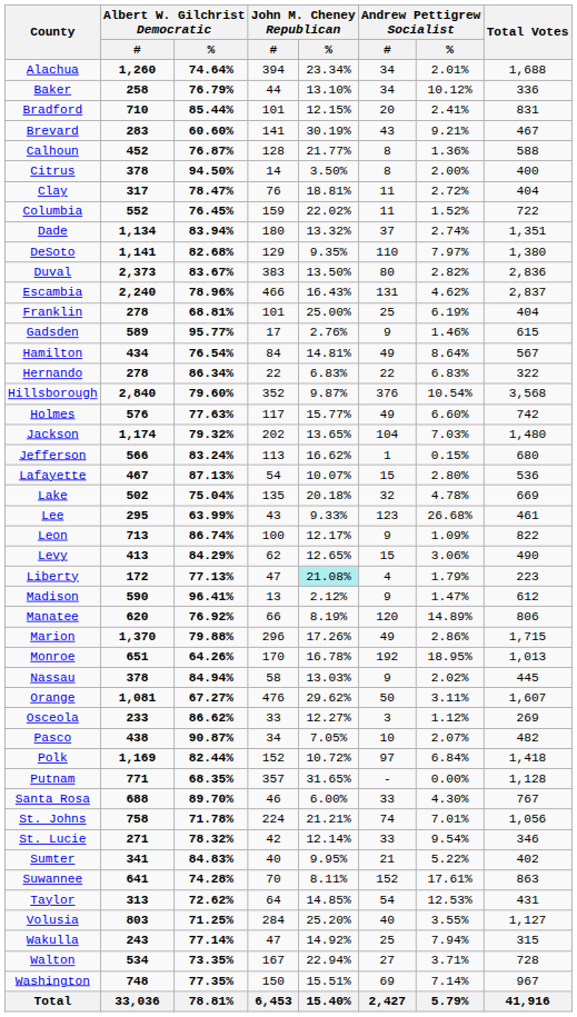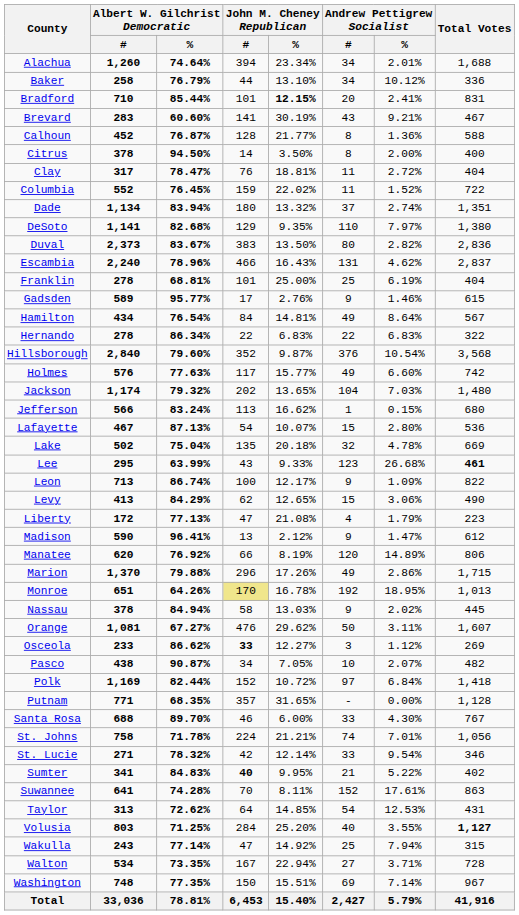 <table class="wikitable sortable">
 <tr>
 <th rowspan="2">County</th>
 <th colspan="2" style="text-align: center;" >Albert W. Gilchrist <br><em>Democratic</em></th>
 <th colspan="2" style="text-align: center;" >John M. Cheney <br> <em>Republican</em></th>
 <th colspan="2" style="text-align: center;" >Andrew Pettigrew <br> <em>Socialist</em></th>
 <th rowspan="2">Total Votes</th>
 </tr>
 <tr>
 <th colspan="1" style="text-align: center;" >#</th>
 <th colspan="1" style="text-align: center;" >%</th>
 <th colspan="1" style="text-align: center;" >#</th>
 <th colspan="1" style="text-align: center;" >%</th>
 <th colspan="1" style="text-align: center;" >#</th>
 <th colspan="1" style="text-align: center;" >%</th>
 </tr>
 <tr style="text-align:center;">
 <td><a href='#'>Alachua</a></td>
 <td><strong>1,260</strong></td>
 <td><strong>74.64%</strong></td>
 <td>394</td>
 <td>23.34%</td>
 <td>34</td>
 <td>2.01%</td>
 <td>1,688</td>
 </tr>
 <tr style="text-align:center;">
 <td><a href='#'>Baker</a></td>
 <td><strong>258</strong></td>
 <td><strong>76.79%</strong></td>
 <td>44</td>
 <td>13.10%</td>
 <td>34</td>
 <td>10.12%</td>
 <td>336</td>
 </tr>
 <tr style="text-align:center;">
 <td><a href='#'>Bradford</a></td>
 <td><strong>710</strong></td>
 <td><strong>85.44%</strong></td>
 <td>101</td>
-<td>12.15%</td>
+<td><strong>12.15%</strong></td>
 <td>20</td>
 <td>2.41%</td>
 <td>831</td>
 </tr>
 <tr style="text-align:center;">
 <td><a href='#'>Brevard</a></td>
 <td><strong>283</strong></td>
 <td><strong>60.60%</strong></td>
 <td>141</td>
 <td>30.19%</td>
 <td>43</td>
 <td>9.21%</td>
 <td>467</td>
 </tr>
 <tr style="text-align:center;">
 <td><a href='#'>Calhoun</a></td>
 <td><strong>452</strong></td>
 <td><strong>76.87%</strong></td>
 <td>128</td>
 <td>21.77%</td>
 <td>8</td>
 <td>1.36%</td>
 <td>588</td>
 </tr>
 <tr style="text-align:center;">
 <td><a href='#'>Citrus</a></td>
 <td><strong>378</strong></td>
 <td><strong>94.50%</strong></td>
 <td>14</td>
 <td>3.50%</td>
 <td>8</td>
 <td>2.00%</td>
 <td>400</td>
 </tr>
 <tr style="text-align:center;">
 <td><a href='#'>Clay</a></td>
 <td><strong>317</strong></td>
 <td><strong>78.47%</strong></td>
 <td>76</td>
 <td>18.81%</td>
 <td>11</td>
 <td>2.72%</td>
 <td>404</td>
 </tr>
 <tr style="text-align:center;">
 <td><a href='#'>Columbia</a></td>
 <td><strong>552</strong></td>
 <td><strong>76.45%</strong></td>
 <td>159</td>
 <td>22.02%</td>
 <td>11</td>
 <td>1.52%</td>
 <td>722</td>
 </tr>
 <tr style="text-align:center;">
 <td><a href='#'>Dade</a></td>
 <td><strong>1,134</strong></td>
 <td><strong>83.94%</strong></td>
 <td>180</td>
 <td>13.32%</td>
 <td>37</td>
 <td>2.74%</td>
 <td>1,351</td>
 </tr>
 <tr style="text-align:center;">
 <td><a href='#'>DeSoto</a></td>
 <td><strong>1,141</strong></td>
 <td><strong>82.68%</strong></td>
 <td>129</td>
 <td>9.35%</td>
 <td>110</td>
 <td>7.97%</td>
 <td>1,380</td>
 </tr>
 <tr style="text-align:center;">
 <td><a href='#'>Duval</a></td>
 <td><strong>2,373</strong></td>
 <td><strong>83.67%</strong></td>
 <td>383</td>
 <td>13.50%</td>
 <td>80</td>
 <td>2.82%</td>
 <td>2,836</td>
 </tr>
 <tr style="text-align:center;">
 <td><a href='#'>Escambia</a></td>
 <td><strong>2,240</strong></td>
 <td><strong>78.96%</strong></td>
 <td>466</td>
 <td>16.43%</td>
 <td>131</td>
 <td>4.62%</td>
 <td>2,837</td>
 </tr>
 <tr style="text-align:center;">
 <td><a href='#'>Franklin</a></td>
 <td><strong>278</strong></td>
 <td><strong>68.81%</strong></td>
 <td>101</td>
 <td>25.00%</td>
 <td>25</td>
 <td>6.19%</td>
 <td>404</td>
 </tr>
 <tr style="text-align:center;">
 <td><a href='#'>Gadsden</a></td>
 <td><strong>589</strong></td>
 <td><strong>95.77%</strong></td>
 <td>17</td>
 <td>2.76%</td>
 <td>9</td>
 <td>1.46%</td>
 <td>615</td>
 </tr>
 <tr style="text-align:center;">
 <td><a href='#'>Hamilton</a></td>
 <td><strong>434</strong></td>
 <td><strong>76.54%</strong></td>
 <td>84</td>
 <td>14.81%</td>
 <td>49</td>
 <td>8.64%</td>
 <td>567</td>
 </tr>
 <tr style="text-align:center;">
 <td><a href='#'>Hernando</a></td>
 <td><strong>278</strong></td>
 <td><strong>86.34%</strong></td>
 <td>22</td>
 <td>6.83%</td>
 <td>22</td>
 <td>6.83%</td>
 <td>322</td>
 </tr>
 <tr style="text-align:center;">
 <td><a href='#'>Hillsborough</a></td>
 <td><strong>2,840</strong></td>
 <td><strong>79.60%</strong></td>
 <td>352</td>
 <td>9.87%</td>
 <td>376</td>
 <td>10.54%</td>
 <td>3,568</td>
 </tr>
 <tr style="text-align:center;">
 <td><a href='#'>Holmes</a></td>
 <td><strong>576</strong></td>
 <td><strong>77.63%</strong></td>
 <td>117</td>
 <td>15.77%</td>
 <td>49</td>
 <td>6.60%</td>
 <td>742</td>
 </tr>
 <tr style="text-align:center;">
 <td><a href='#'>Jackson</a></td>
 <td><strong>1,174</strong></td>
 <td><strong>79.32%</strong></td>
 <td>202</td>
 <td>13.65%</td>
 <td>104</td>
 <td>7.03%</td>
 <td>1,480</td>
 </tr>
 <tr style="text-align:center;">
 <td><a href='#'>Jefferson</a></td>
 <td><strong>566</strong></td>
 <td><strong>83.24%</strong></td>
 <td>113</td>
 <td>16.62%</td>
 <td>1</td>
 <td>0.15%</td>
 <td>680</td>
 </tr>
 <tr style="text-align:center;">
 <td><a href='#'>Lafayette</a></td>
 <td><strong>467</strong></td>
 <td><strong>87.13%</strong></td>
 <td>54</td>
 <td>10.07%</td>
 <td>15</td>
 <td>2.80%</td>
 <td>536</td>
 </tr>
 <tr style="text-align:center;">
 <td><a href='#'>Lake</a></td>
 <td><strong>502</strong></td>
 <td><strong>75.04%</strong></td>
 <td>135</td>
 <td>20.18%</td>
 <td>32</td>
 <td>4.78%</td>
 <td>669</td>
 </tr>
 <tr style="text-align:center;">
 <td><a href='#'>Lee</a></td>
 <td><strong>295</strong></td>
 <td><strong>63.99%</strong></td>
 <td>43</td>
 <td>9.33%</td>
 <td>123</td>
 <td>26.68%</td>
-<td>461</td>
+<td><strong>461</strong></td>
 </tr>
 <tr style="text-align:center;">
 <td><a href='#'>Leon</a></td>
 <td><strong>713</strong></td>
 <td><strong>86.74%</strong></td>
 <td>100</td>
 <td>12.17%</td>
 <td>9</td>
 <td>1.09%</td>
 <td>822</td>
 </tr>
 <tr style="text-align:center;">
 <td><a href='#'>Levy</a></td>
 <td><strong>413</strong></td>
 <td><strong>84.29%</strong></td>
 <td>62</td>
 <td>12.65%</td>
 <td>15</td>
 <td>3.06%</td>
 <td>490</td>
 </tr>
 <tr style="text-align:center;">
 <td><a href='#'>Liberty</a></td>
 <td><strong>172</strong></td>
 <td><strong>77.13%</strong></td>
 <td>47</td>
-<td style="background: paleturquoise;">21.08%</td>
+<td>21.08%</td>
 <td>4</td>
 <td>1.79%</td>
 <td>223</td>
 </tr>
 <tr style="text-align:center;">
 <td><a href='#'>Madison</a></td>
 <td><strong>590</strong></td>
 <td><strong>96.41%</strong></td>
 <td>13</td>
 <td>2.12%</td>
 <td>9</td>
 <td>1.47%</td>
 <td>612</td>
 </tr>
 <tr style="text-align:center;">
 <td><a href='#'>Manatee</a></td>
 <td><strong>620</strong></td>
 <td><strong>76.92%</strong></td>
 <td>66</td>
 <td>8.19%</td>
 <td>120</td>
 <td>14.89%</td>
 <td>806</td>
 </tr>
 <tr style="text-align:center;">
 <td><a href='#'>Marion</a></td>
 <td><strong>1,370</strong></td>
 <td><strong>79.88%</strong></td>
 <td>296</td>
 <td>17.26%</td>
 <td>49</td>
 <td>2.86%</td>
 <td>1,715</td>
 </tr>
 <tr style="text-align:center;">
 <td><a href='#'>Monroe</a></td>
 <td><strong>651</strong></td>
 <td><strong>64.26%</strong></td>
-<td>170</td>
+<td style="background: khaki;">170</td>
 <td>16.78%</td>
 <td>192</td>
 <td>18.95%</td>
 <td>1,013</td>
 </tr>
 <tr style="text-align:center;">
 <td><a href='#'>Nassau</a></td>
 <td><strong>378</strong></td>
 <td><strong>84.94%</strong></td>
 <td>58</td>
 <td>13.03%</td>
 <td>9</td>
 <td>2.02%</td>
 <td>445</td>
 </tr>
 <tr style="text-align:center;">
 <td><a href='#'>Orange</a></td>
 <td><strong>1,081</strong></td>
 <td><strong>67.27%</strong></td>
 <td>476</td>
 <td>29.62%</td>
 <td>50</td>
 <td>3.11%</td>
 <td>1,607</td>
 </tr>
 <tr style="text-align:center;">
 <td><a href='#'>Osceola</a></td>
 <td><strong>233</strong></td>
 <td><strong>86.62%</strong></td>
-<td>33</td>
+<td><strong>33</strong></td>
 <td>12.27%</td>
 <td>3</td>
 <td>1.12%</td>
 <td>269</td>
 </tr>
 <tr style="text-align:center;">
 <td><a href='#'>Pasco</a></td>
 <td><strong>438</strong></td>
 <td><strong>90.87%</strong></td>
 <td>34</td>
 <td>7.05%</td>
 <td>10</td>
 <td>2.07%</td>
 <td>482</td>
 </tr>
 <tr style="text-align:center;">
 <td><a href='#'>Polk</a></td>
 <td><strong>1,169</strong></td>
 <td><strong>82.44%</strong></td>
 <td>152</td>
 <td>10.72%</td>
 <td>97</td>
 <td>6.84%</td>
 <td>1,418</td>
 </tr>
 <tr style="text-align:center;">
 <td><a href='#'>Putnam</a></td>
 <td><strong>771</strong></td>
 <td><strong>68.35%</strong></td>
 <td>357</td>
 <td>31.65%</td>
 <td>-</td>
 <td>0.00%</td>
 <td>1,128</td>
 </tr>
 <tr style="text-align:center;">
 <td><a href='#'>Santa Rosa</a></td>
 <td><strong>688</strong></td>
 <td><strong>89.70%</strong></td>
 <td>46</td>
 <td>6.00%</td>
 <td>33</td>
 <td>4.30%</td>
 <td>767</td>
 </tr>
 <tr style="text-align:center;">
 <td><a href='#'>St. Johns</a></td>
 <td><strong>758</strong></td>
 <td><strong>71.78%</strong></td>
 <td>224</td>
 <td>21.21%</td>
 <td>74</td>
 <td>7.01%</td>
 <td>1,056</td>
 </tr>
 <tr style="text-align:center;">
 <td><a href='#'>St. Lucie</a></td>
 <td><strong>271</strong></td>
 <td><strong>78.32%</strong></td>
 <td>42</td>
 <td>12.14%</td>
 <td>33</td>
 <td>9.54%</td>
 <td>346</td>
 </tr>
 <tr style="text-align:center;">
 <td><a href='#'>Sumter</a></td>
 <td><strong>341</strong></td>
 <td><strong>84.83%</strong></td>
-<td>40</td>
+<td><strong>40</strong></td>
 <td>9.95%</td>
 <td>21</td>
 <td>5.22%</td>
 <td>402</td>
 </tr>
 <tr style="text-align:center;">
 <td><a href='#'>Suwannee</a></td>
 <td><strong>641</strong></td>
 <td><strong>74.28%</strong></td>
 <td>70</td>
 <td>8.11%</td>
 <td>152</td>
 <td>17.61%</td>
 <td>863</td>
 </tr>
 <tr style="text-align:center;">
 <td><a href='#'>Taylor</a></td>
 <td><strong>313</strong></td>
 <td><strong>72.62%</strong></td>
 <td>64</td>
 <td>14.85%</td>
 <td>54</td>
 <td>12.53%</td>
 <td>431</td>
 </tr>
 <tr style="text-align:center;">
 <td><a href='#'>Volusia</a></td>
 <td><strong>803</strong></td>
 <td><strong>71.25%</strong></td>
 <td>284</td>
 <td>25.20%</td>
 <td>40</td>
 <td>3.55%</td>
-<td>1,127</td>
+<td><strong>1,127</strong></td>
 </tr>
 <tr style="text-align:center;">
 <td><a href='#'>Wakulla</a></td>
 <td><strong>243</strong></td>
 <td><strong>77.14%</strong></td>
 <td>47</td>
 <td>14.92%</td>
 <td>25</td>
 <td>7.94%</td>
 <td>315</td>
 </tr>
 <tr style="text-align:center;">
 <td><a href='#'>Walton</a></td>
 <td><strong>534</strong></td>
 <td><strong>73.35%</strong></td>
 <td>167</td>
 <td>22.94%</td>
 <td>27</td>
 <td>3.71%</td>
 <td>728</td>
 </tr>
 <tr style="text-align:center;">
 <td><a href='#'>Washington</a></td>
 <td><strong>748</strong></td>
 <td><strong>77.35%</strong></td>
 <td>150</td>
 <td>15.51%</td>
 <td>69</td>
 <td>7.14%</td>
 <td>967</td>
 </tr>
 <tr style="text-align:center;">
 <th>Total</th>
 <th>33,036</th>
 <th>78.81%</th>
 <th>6,453</th>
 <th>15.40%</th>
 <th>2,427</th>
 <th>5.79%</th>
 <th>41,916</th>
 </tr>
 </table>
